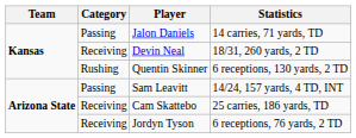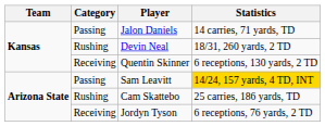 <table class="wikitable" style="float: right;">
 <tr>
 <th>Team</th>
 <th>Category</th>
 <th>Player</th>
 <th>Statistics</th>
 </tr>
 <tr>
 <td rowspan=3><strong>Kansas</strong></td>
 <td>Passing</td>
 <td><a href='#'>Jalon Daniels</a></td>
 <td>14 carries, 71 yards, TD</td>
 </tr>
 <tr>
-<td>Receiving</td>
+<td>Rushing</td>
 <td><a href='#'>Devin Neal</a></td>
 <td>18/31, 260 yards, 2 TD</td>
 </tr>
 <tr>
-<td>Rushing</td>
+<td>Receiving</td>
 <td>Quentin Skinner</td>
 <td>6 receptions, 130 yards, 2 TD</td>
 </tr>
 <tr>
 <td rowspan=3><strong>Arizona State</strong></td>
 <td>Passing</td>
 <td>Sam Leavitt</td>
-<td>14/24, 157 yards, 4 TD, INT</td>
+<td style="background: gold;">14/24, 157 yards, 4 TD, INT</td>
 </tr>
 <tr>
-<td>Receiving</td>
+<td>Rushing</td>
 <td>Cam Skattebo</td>
 <td>25 carries, 186 yards, TD</td>
 </tr>
 <tr>
 <td>Receiving</td>
 <td>Jordyn Tyson</td>
 <td>6 receptions, 76 yards, 2 TD</td>
 </tr>
 </table>
